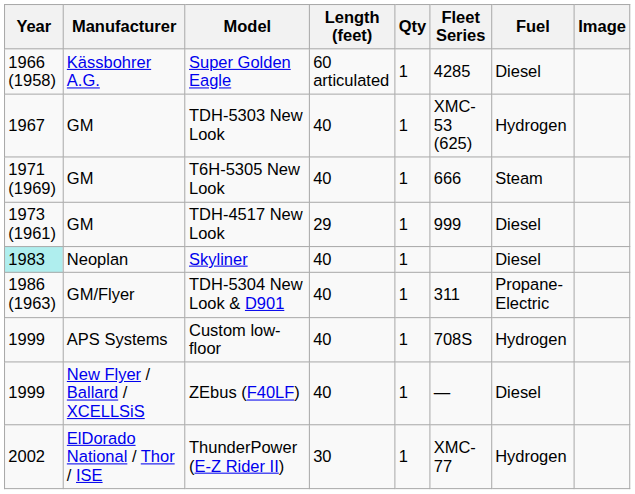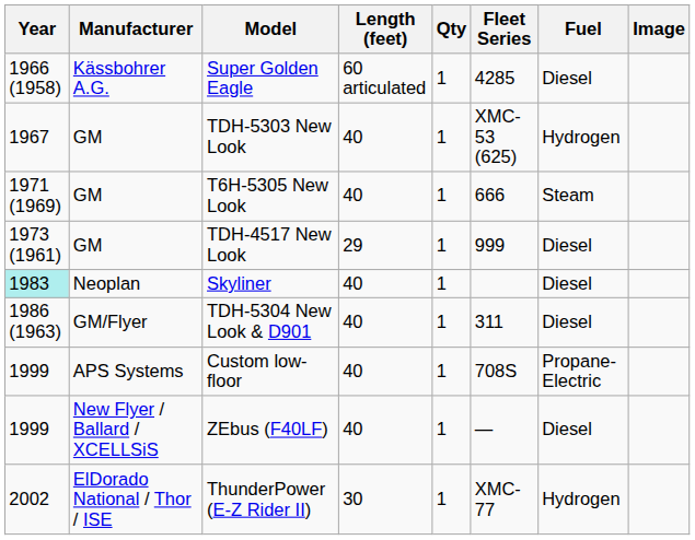 <table class= "wikitable sortable">
 <tr>
 <th>Year</th>
 <th>Manufacturer</th>
 <th>Model</th>
 <th>Length<br>(feet)</th>
 <th>Qty</th>
 <th>Fleet Series</th>
 <th>Fuel</th>
 <th class="unsortable">Image</th>
 </tr>
 <tr>
 <td>1966 (1958)</td>
 <td><a href='#'>Kässbohrer A.G.</a></td>
 <td><a href='#'>Super Golden Eagle</a></td>
 <td>60 articulated</td>
 <td>1</td>
 <td>4285</td>
 <td>Diesel</td>
 <td></td>
 </tr>
 <tr>
 <td>1967</td>
 <td>GM</td>
 <td>TDH-5303 New Look</td>
 <td>40</td>
 <td>1</td>
 <td>XMC-53 (625)</td>
 <td>Hydrogen</td>
 <td></td>
 </tr>
 <tr>
 <td>1971 (1969)</td>
 <td>GM</td>
 <td>T6H-5305 New Look</td>
 <td>40</td>
 <td>1</td>
 <td>666</td>
 <td>Steam</td>
 <td></td>
 </tr>
 <tr>
 <td>1973 (1961)</td>
 <td>GM</td>
 <td>TDH-4517 New Look</td>
 <td>29</td>
 <td>1</td>
 <td>999</td>
 <td>Diesel</td>
 <td></td>
 </tr>
 <tr>
 <td style="background: paleturquoise;">1983</td>
 <td>Neoplan</td>
 <td><a href='#'>Skyliner</a></td>
 <td>40</td>
 <td>1</td>
 <td></td>
 <td>Diesel</td>
 <td></td>
 </tr>
 <tr>
 <td>1986 (1963)</td>
 <td>GM/Flyer</td>
 <td>TDH-5304 New Look & <a href='#'>D901</a></td>
 <td>40</td>
 <td>1</td>
 <td>311</td>
-<td>Propane-Electric</td>
+<td>Diesel</td>
 <td></td>
 </tr>
 <tr>
 <td>1999</td>
 <td>APS Systems</td>
 <td>Custom low-floor</td>
 <td>40</td>
 <td>1</td>
 <td>708S</td>
-<td>Hydrogen</td>
+<td>Propane-Electric</td>
 <td></td>
 </tr>
 <tr>
 <td>1999</td>
 <td><a href='#'>New Flyer</a> / <a href='#'>Ballard</a> / <a href='#'>XCELLSiS</a></td>
 <td>ZEbus (<a href='#'>F40LF</a>)</td>
 <td>40</td>
 <td>1</td>
 <td>—</td>
 <td>Diesel</td>
 <td></td>
 </tr>
 <tr>
 <td>2002</td>
 <td><a href='#'>ElDorado National</a> / <a href='#'>Thor</a> / <a href='#'>ISE</a></td>
 <td>ThunderPower (<a href='#'>E-Z Rider II</a>)</td>
 <td>30</td>
 <td>1</td>
 <td>XMC-77</td>
 <td>Hydrogen</td>
 <td></td>
 </tr>
 </table>
